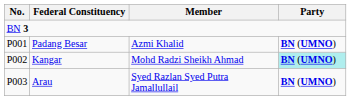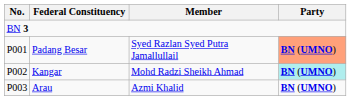 <table class="wikitable sortable">
 <tr>
 <th style="width:30px;">No.</th>
 <th style="width:150px;">Federal Constituency</th>
 <th style="width:230px;">Member</th>
 <th style="width:100px;">Party</th>
 </tr>
 <tr>
 <td colspan="4"><a href='#'>BN</a> <strong>3</strong></td>
 </tr>
 <tr>
 <td>P001</td>
 <td><a href='#'>Padang Besar</a></td>
-<td><a href='#'>Azmi Khalid</a></td>
-<td><strong><a href='#'>BN</a></strong> (<strong><a href='#'>UMNO</a></strong>)</td>
+<td><a href='#'>Syed Razlan Syed Putra Jamallullail</a></td>
+<td style="background: lightsalmon;"><strong><a href='#'>BN</a></strong> (<strong><a href='#'>UMNO</a></strong>)</td>
 </tr>
 <tr>
 <td>P002</td>
 <td><a href='#'>Kangar</a></td>
 <td><a href='#'>Mohd Radzi Sheikh Ahmad</a></td>
 <td style="background: paleturquoise;"><strong><a href='#'>BN</a></strong> (<strong><a href='#'>UMNO</a></strong>)</td>
 </tr>
 <tr>
 <td>P003</td>
 <td><a href='#'>Arau</a></td>
-<td><a href='#'>Syed Razlan Syed Putra Jamallullail</a></td>
+<td><a href='#'>Azmi Khalid</a></td>
 <td><strong><a href='#'>BN</a></strong> (<strong><a href='#'>UMNO</a></strong>)</td>
 </tr>
 </table>
